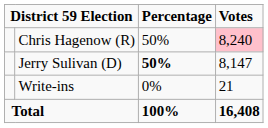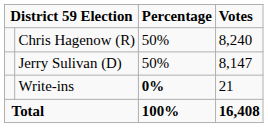 <table class="wikitable">
 <tr>
 <td colspan="2" rowspan="1" align="center" valign="top"><strong>District 59 Election</strong></td>
 <td style="vertical-align:top;"><strong>Percentage</strong></td>
 <td style="vertical-align:top;"><strong>Votes</strong></td>
 </tr>
 <tr>
 <td style="background-color:"> </td>
 <td>Chris Hagenow (R)</td>
 <td>50%</td>
-<td style="background: pink;">8,240</td>
+<td>8,240</td>
 </tr>
 <tr>
 <td style="background-color:"> </td>
 <td>Jerry Sulivan (D)</td>
-<td><strong>50%</strong></td>
+<td>50%</td>
 <td>8,147</td>
 </tr>
 <tr>
 <td style="background-color:"> </td>
 <td>Write-ins</td>
-<td>0%</td>
+<td><strong>0%</strong></td>
 <td>21</td>
 </tr>
 <tr>
 <td colspan="2" rowspan="1"> <strong>Total</strong></td>
 <td><strong>100%</strong></td>
 <td><strong>16,408</strong></td>
 </tr>
 </table>
